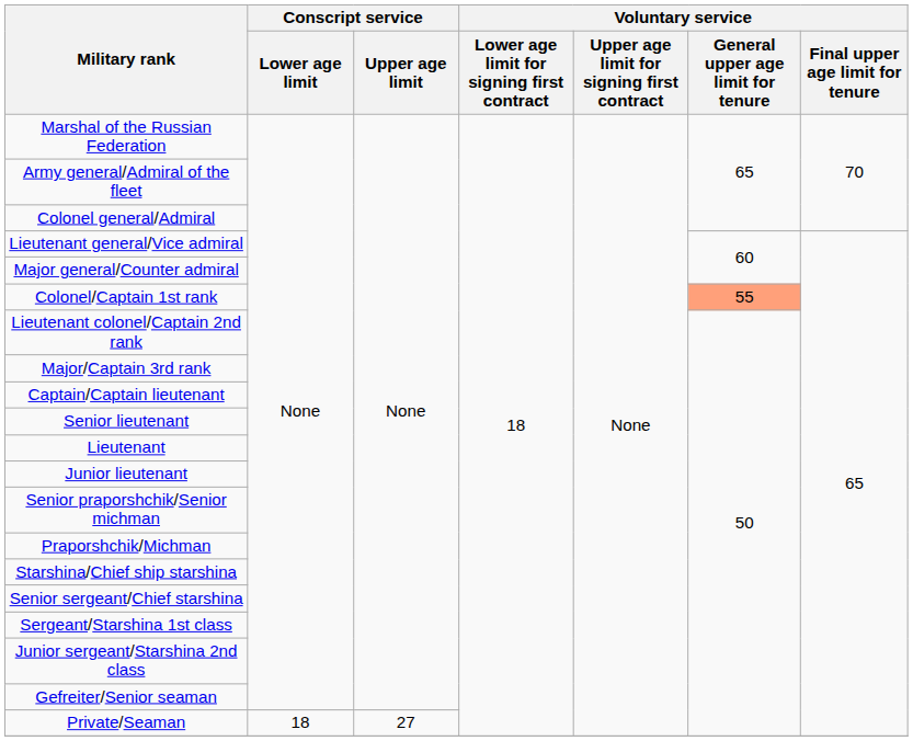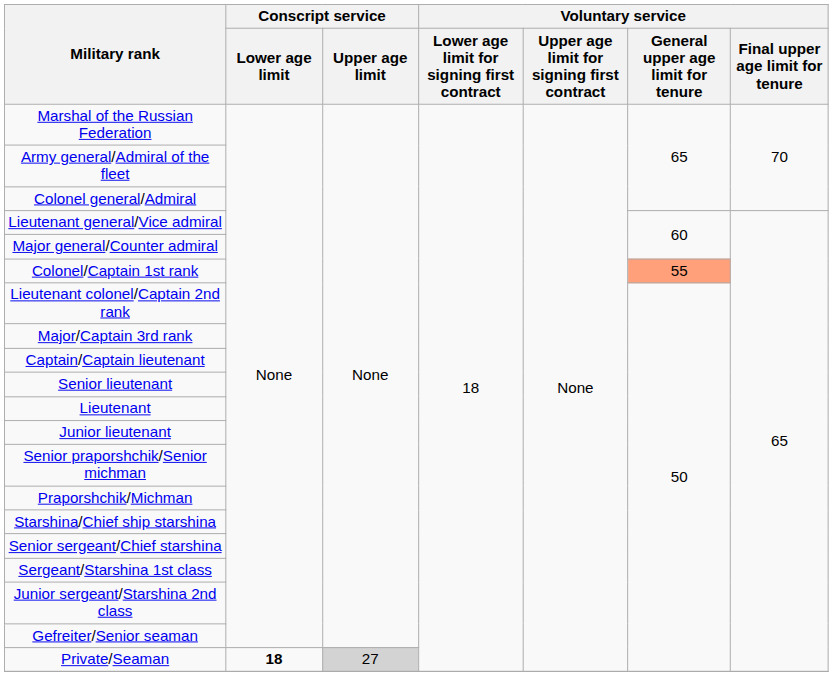 <table class="wikitable">
 <tr>
 <th rowspan="2" style="text-align: center; width: 300px;">Military rank</th>
 <th colspan="2" style="text-align: center; width: 300px;">Conscript service</th>
 <th colspan="4" style="text-align: center; width: 600px;">Voluntary service</th>
 </tr>
 <tr>
 <th style="text-align: center; width: 150px;">Lower age limit</th>
 <th style="text-align: center; width: 150px;">Upper age limit</th>
 <th style="text-align: center; width: 150px;">Lower age limit for signing first contract</th>
 <th style="text-align: center; width: 150px;">Upper age limit for signing first contract</th>
 <th style="text-align: center; width: 150px;">General upper age limit for tenure</th>
 <th style="text-align: center; width: 150px;">Final upper age limit for tenure</th>
 </tr>
 <tr>
 <td style="text-align: center; width: 300px;"><a href='#'>Marshal of the Russian Federation</a></td>
 <td style="text-align: center; width: 150px;" rowspan=19>None</td>
 <td style="text-align: center; width: 150px;" rowspan=19>None</td>
 <td style="text-align: center; width: 150px;" rowspan=20>18</td>
 <td style="text-align: center; width: 150px;" rowspan=20>None</td>
 <td style="text-align: center; width: 150px;" rowspan=3>65</td>
 <td style="text-align: center; width: 150px;" rowspan=3>70</td>
 </tr>
 <tr>
 <td style="text-align: center; width: 300px;"><a href='#'>Army general</a>/<a href='#'>Admiral of the fleet</a></td>
 </tr>
 <tr>
 <td style="text-align: center; width: 300px;"><a href='#'>Colonel general</a>/<a href='#'>Admiral</a></td>
 </tr>
 <tr>
 <td style="text-align: center; width: 300px;"><a href='#'>Lieutenant general</a>/<a href='#'>Vice admiral</a></td>
 <td style="text-align: center; width: 150px;" rowspan=2>60</td>
 <td style="text-align: center; width: 150px;" rowspan=17>65</td>
 </tr>
 <tr>
 <td style="text-align: center; width: 300px;"><a href='#'>Major general</a>/<a href='#'>Counter admiral</a></td>
 </tr>
 <tr>
 <td style="text-align: center; width: 300px;"><a href='#'>Colonel</a>/<a href='#'>Captain 1st rank</a></td>
 <td style="background: lightsalmon; text-align: center; width: 150px;">55</td>
 </tr>
 <tr>
 <td style="text-align: center; width: 300px;"><a href='#'>Lieutenant colonel</a>/<a href='#'>Captain 2nd rank</a></td>
 <td style="text-align: center; width: 150px;" rowspan=14>50</td>
 </tr>
 <tr>
 <td style="text-align: center; width: 300px;"><a href='#'>Major</a>/<a href='#'>Captain 3rd rank</a></td>
 </tr>
 <tr>
 <td style="text-align: center; width: 300px;"><a href='#'>Captain</a>/<a href='#'>Captain lieutenant</a></td>
 </tr>
 <tr>
 <td style="text-align: center; width: 300px;"><a href='#'>Senior lieutenant</a></td>
 </tr>
 <tr>
 <td style="text-align: center; width: 300px;"><a href='#'>Lieutenant</a></td>
 </tr>
 <tr>
 <td style="text-align: center; width: 300px;"><a href='#'>Junior lieutenant</a></td>
 </tr>
 <tr>
 <td style="text-align: center; width: 300px;"><a href='#'>Senior praporshchik</a>/<a href='#'>Senior michman</a></td>
 </tr>
 <tr>
 <td style="text-align: center; width: 300px;"><a href='#'>Praporshchik</a>/<a href='#'>Michman</a></td>
 </tr>
 <tr>
 <td style="text-align: center; width: 300px;"><a href='#'>Starshina</a>/<a href='#'>Chief ship starshina</a></td>
 </tr>
 <tr>
 <td style="text-align: center; width: 300px;"><a href='#'>Senior sergeant</a>/<a href='#'>Chief starshina</a></td>
 </tr>
 <tr>
 <td style="text-align: center; width: 300px;"><a href='#'>Sergeant</a>/<a href='#'>Starshina 1st class</a></td>
 </tr>
 <tr>
 <td style="text-align: center; width: 300px;"><a href='#'>Junior sergeant</a>/<a href='#'>Starshina 2nd class</a></td>
 </tr>
 <tr>
 <td style="text-align: center; width: 300px;"><a href='#'>Gefreiter</a>/<a href='#'>Senior seaman</a></td>
 </tr>
 <tr>
 <td style="text-align: center; width: 300px;"><a href='#'>Private</a>/<a href='#'>Seaman</a></td>
-<td style="text-align: center; width: 150px;">18</td>
-<td style="text-align: center; width: 150px;">27</td>
+<td style="text-align: center; width: 150px;"><strong>18</strong></td>
+<td style="background: lightgrey; text-align: center; width: 150px;">27</td>
 </tr>
 <tr>
 </tr>
 </table>
